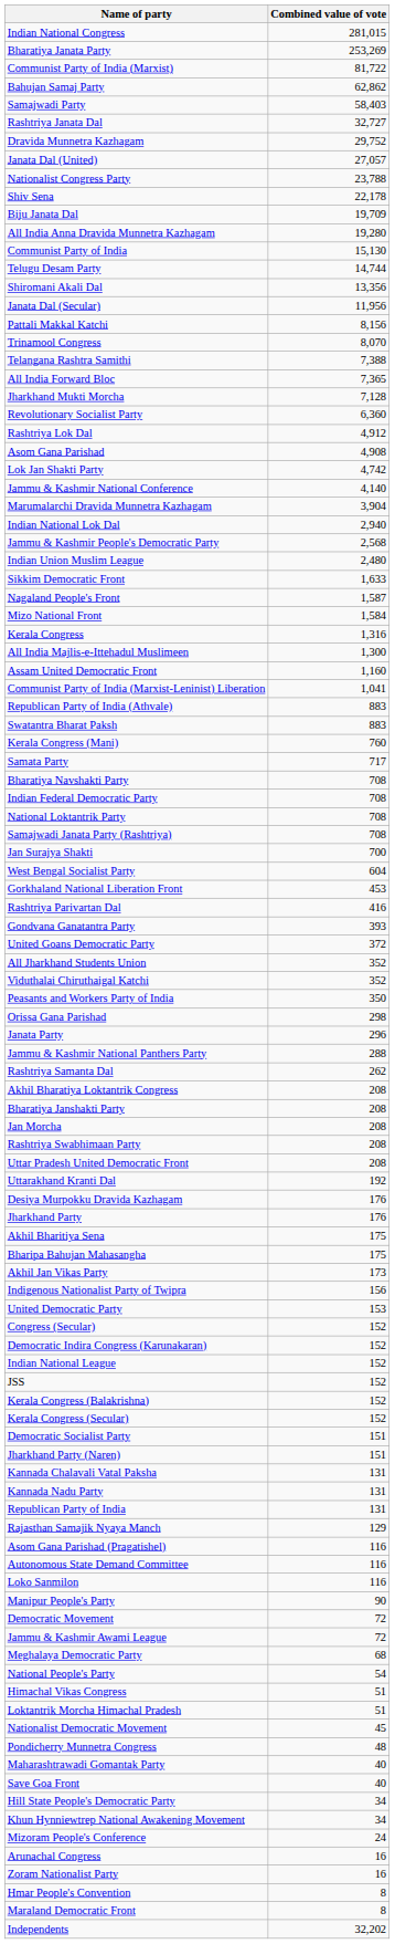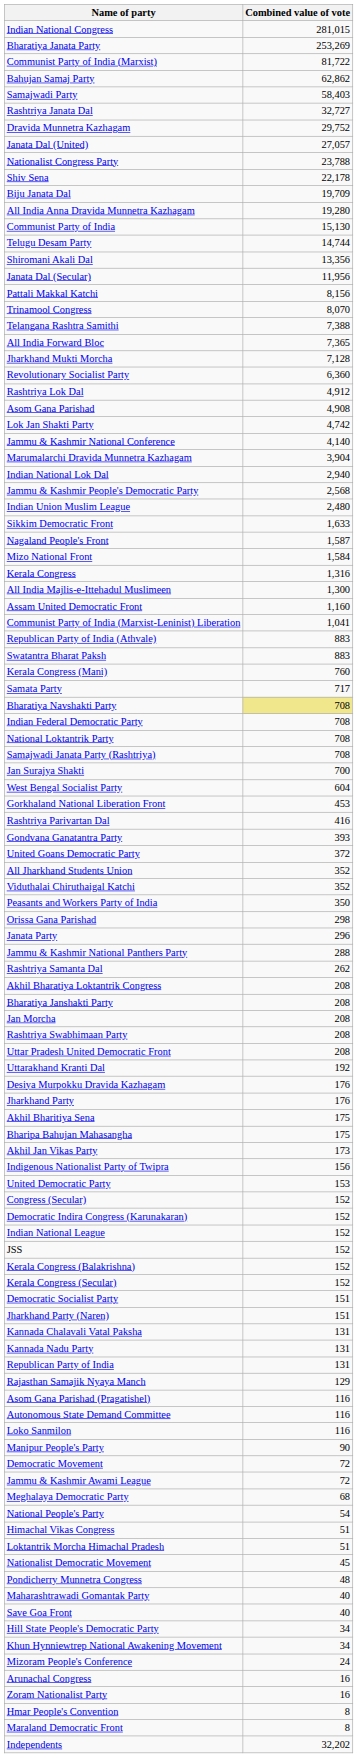 <table class="wikitable sortable" style="text-align:right; width:150;">
 <tr>
 <th>Name of party</th>
 <th>Combined value of vote</th>
 </tr>
 <tr>
 <td align="left"><a href='#'>Indian National Congress</a></td>
 <td>281,015</td>
 </tr>
 <tr>
 <td align="left"><a href='#'>Bharatiya Janata Party</a></td>
 <td>253,269</td>
 </tr>
 <tr>
 <td align="left"><a href='#'>Communist Party of India (Marxist)</a></td>
 <td>81,722</td>
 </tr>
 <tr>
 <td align="left"><a href='#'>Bahujan Samaj Party</a></td>
 <td>62,862</td>
 </tr>
 <tr>
 <td align="left"><a href='#'>Samajwadi Party</a></td>
 <td>58,403</td>
 </tr>
 <tr>
 <td align="left"><a href='#'>Rashtriya Janata Dal</a></td>
 <td>32,727</td>
 </tr>
 <tr>
 <td align="left"><a href='#'>Dravida Munnetra Kazhagam</a></td>
 <td>29,752</td>
 </tr>
 <tr>
 <td align="left"><a href='#'>Janata Dal (United)</a></td>
 <td>27,057</td>
 </tr>
 <tr>
 <td align="left"><a href='#'>Nationalist Congress Party</a></td>
 <td>23,788</td>
 </tr>
 <tr>
 <td align="left"><a href='#'>Shiv Sena</a></td>
 <td>22,178</td>
 </tr>
 <tr>
 <td align="left"><a href='#'>Biju Janata Dal</a></td>
 <td>19,709</td>
 </tr>
 <tr>
 <td align="left"><a href='#'>All India Anna Dravida Munnetra Kazhagam</a></td>
 <td>19,280</td>
 </tr>
 <tr>
 <td align="left"><a href='#'>Communist Party of India</a></td>
 <td>15,130</td>
 </tr>
 <tr>
 <td align="left"><a href='#'>Telugu Desam Party</a></td>
 <td>14,744</td>
 </tr>
 <tr>
 <td align="left"><a href='#'>Shiromani Akali Dal</a></td>
 <td>13,356</td>
 </tr>
 <tr>
 <td align="left"><a href='#'>Janata Dal (Secular)</a></td>
 <td>11,956</td>
 </tr>
 <tr>
 <td align="left"><a href='#'>Pattali Makkal Katchi</a></td>
 <td>8,156</td>
 </tr>
 <tr>
 <td align="left"><a href='#'>Trinamool Congress</a></td>
 <td>8,070</td>
 </tr>
 <tr>
 <td align="left"><a href='#'>Telangana Rashtra Samithi</a></td>
 <td>7,388</td>
 </tr>
 <tr>
 <td align="left"><a href='#'>All India Forward Bloc</a></td>
 <td>7,365</td>
 </tr>
 <tr>
 <td align="left"><a href='#'>Jharkhand Mukti Morcha</a></td>
 <td>7,128</td>
 </tr>
 <tr>
 <td align="left"><a href='#'>Revolutionary Socialist Party</a></td>
 <td>6,360</td>
 </tr>
 <tr>
 <td align="left"><a href='#'>Rashtriya Lok Dal</a></td>
 <td>4,912</td>
 </tr>
 <tr>
 <td align="left"><a href='#'>Asom Gana Parishad</a></td>
 <td>4,908</td>
 </tr>
 <tr>
 <td align="left"><a href='#'>Lok Jan Shakti Party</a></td>
 <td>4,742</td>
 </tr>
 <tr>
 <td align="left"><a href='#'>Jammu & Kashmir National Conference</a></td>
 <td>4,140</td>
 </tr>
 <tr>
 <td align="left"><a href='#'>Marumalarchi Dravida Munnetra Kazhagam</a></td>
 <td>3,904</td>
 </tr>
 <tr>
 <td align="left"><a href='#'>Indian National Lok Dal</a></td>
 <td>2,940</td>
 </tr>
 <tr>
 <td align="left"><a href='#'>Jammu & Kashmir People's Democratic Party</a></td>
 <td>2,568</td>
 </tr>
 <tr>
 <td align="left"><a href='#'>Indian Union Muslim League</a></td>
 <td>2,480</td>
 </tr>
 <tr>
 <td align="left"><a href='#'>Sikkim Democratic Front</a></td>
 <td>1,633</td>
 </tr>
 <tr>
 <td align="left"><a href='#'>Nagaland People's Front</a></td>
 <td>1,587</td>
 </tr>
 <tr>
 <td align="left"><a href='#'>Mizo National Front</a></td>
 <td>1,584</td>
 </tr>
 <tr>
 <td align="left"><a href='#'>Kerala Congress</a></td>
 <td>1,316</td>
 </tr>
 <tr>
 <td align="left"><a href='#'>All India Majlis-e-Ittehadul Muslimeen</a></td>
 <td>1,300</td>
 </tr>
 <tr>
 <td align="left"><a href='#'>Assam United Democratic Front</a></td>
 <td>1,160</td>
 </tr>
 <tr>
 <td align="left"><a href='#'>Communist Party of India (Marxist-Leninist) Liberation</a></td>
 <td>1,041</td>
 </tr>
 <tr>
 <td align="left"><a href='#'>Republican Party of India (Athvale)</a></td>
 <td>883</td>
 </tr>
 <tr>
 <td align="left"><a href='#'>Swatantra Bharat Paksh</a></td>
 <td>883</td>
 </tr>
 <tr>
 <td align="left"><a href='#'>Kerala Congress (Mani)</a></td>
 <td>760</td>
 </tr>
 <tr>
 <td align="left"><a href='#'>Samata Party</a></td>
 <td>717</td>
 </tr>
 <tr>
 <td align="left"><a href='#'>Bharatiya Navshakti Party</a></td>
-<td>708</td>
+<td style="background: khaki;">708</td>
 </tr>
 <tr>
 <td align="left"><a href='#'>Indian Federal Democratic Party</a></td>
 <td>708</td>
 </tr>
 <tr>
 <td align="left"><a href='#'>National Loktantrik Party</a></td>
 <td>708</td>
 </tr>
 <tr>
 <td align="left"><a href='#'>Samajwadi Janata Party (Rashtriya)</a></td>
 <td>708</td>
 </tr>
 <tr>
 <td align="left"><a href='#'>Jan Surajya Shakti</a></td>
 <td>700</td>
 </tr>
 <tr>
 <td align="left"><a href='#'>West Bengal Socialist Party</a></td>
 <td>604</td>
 </tr>
 <tr>
 <td align="left"><a href='#'>Gorkhaland National Liberation Front</a></td>
 <td>453</td>
 </tr>
 <tr>
 <td align="left"><a href='#'>Rashtriya Parivartan Dal</a></td>
 <td>416</td>
 </tr>
 <tr>
 <td align="left"><a href='#'>Gondvana Ganatantra Party</a></td>
 <td>393</td>
 </tr>
 <tr>
 <td align="left"><a href='#'>United Goans Democratic Party</a></td>
 <td>372</td>
 </tr>
 <tr>
 <td align="left"><a href='#'>All Jharkhand Students Union</a></td>
 <td>352</td>
 </tr>
 <tr>
 <td align="left"><a href='#'>Viduthalai Chiruthaigal Katchi</a></td>
 <td>352</td>
 </tr>
 <tr>
 <td align="left"><a href='#'>Peasants and Workers Party of India</a></td>
 <td>350</td>
 </tr>
 <tr>
 <td align="left"><a href='#'>Orissa Gana Parishad</a></td>
 <td>298</td>
 </tr>
 <tr>
 <td align="left"><a href='#'>Janata Party</a></td>
 <td>296</td>
 </tr>
 <tr>
 <td align="left"><a href='#'>Jammu & Kashmir National Panthers Party</a></td>
 <td>288</td>
 </tr>
 <tr>
 <td align="left"><a href='#'>Rashtriya Samanta Dal</a></td>
 <td>262</td>
 </tr>
 <tr>
 <td align="left"><a href='#'>Akhil Bharatiya Loktantrik Congress</a></td>
 <td>208</td>
 </tr>
 <tr>
 <td align="left"><a href='#'>Bharatiya Janshakti Party</a></td>
 <td>208</td>
 </tr>
 <tr>
 <td align="left"><a href='#'>Jan Morcha</a></td>
 <td>208</td>
 </tr>
 <tr>
 <td align="left"><a href='#'>Rashtriya Swabhimaan Party</a></td>
 <td>208</td>
 </tr>
 <tr>
 <td align="left"><a href='#'>Uttar Pradesh United Democratic Front</a></td>
 <td>208</td>
 </tr>
 <tr>
 <td align="left"><a href='#'>Uttarakhand Kranti Dal</a></td>
 <td>192</td>
 </tr>
 <tr>
 <td align="left"><a href='#'>Desiya Murpokku Dravida Kazhagam</a></td>
 <td>176</td>
 </tr>
 <tr>
 <td align="left"><a href='#'>Jharkhand Party</a></td>
 <td>176</td>
 </tr>
 <tr>
 <td align="left"><a href='#'>Akhil Bharitiya Sena</a></td>
 <td>175</td>
 </tr>
 <tr>
 <td align="left"><a href='#'>Bharipa Bahujan Mahasangha</a></td>
 <td>175</td>
 </tr>
 <tr>
 <td align="left"><a href='#'>Akhil Jan Vikas Party</a></td>
 <td>173</td>
 </tr>
 <tr>
 <td align="left"><a href='#'>Indigenous Nationalist Party of Twipra</a></td>
 <td>156</td>
 </tr>
 <tr>
 <td align="left"><a href='#'>United Democratic Party</a></td>
 <td>153</td>
 </tr>
 <tr>
 <td align="left"><a href='#'>Congress (Secular)</a></td>
 <td>152</td>
 </tr>
 <tr>
 <td align="left"><a href='#'>Democratic Indira Congress (Karunakaran)</a></td>
 <td>152</td>
 </tr>
 <tr>
 <td align="left"><a href='#'>Indian National League</a></td>
 <td>152</td>
 </tr>
 <tr>
 <td align="left">JSS</td>
 <td>152</td>
 </tr>
 <tr>
 <td align="left"><a href='#'>Kerala Congress (Balakrishna)</a></td>
 <td>152</td>
 </tr>
 <tr>
 <td align="left"><a href='#'>Kerala Congress (Secular)</a></td>
 <td>152</td>
 </tr>
 <tr>
 <td align="left"><a href='#'>Democratic Socialist Party</a></td>
 <td>151</td>
 </tr>
 <tr>
 <td align="left"><a href='#'>Jharkhand Party (Naren)</a></td>
 <td>151</td>
 </tr>
 <tr>
 <td align="left"><a href='#'>Kannada Chalavali Vatal Paksha</a></td>
 <td>131</td>
 </tr>
 <tr>
 <td align="left"><a href='#'>Kannada Nadu Party</a></td>
 <td>131</td>
 </tr>
 <tr>
 <td align="left"><a href='#'>Republican Party of India</a></td>
 <td>131</td>
 </tr>
 <tr>
 <td align="left"><a href='#'>Rajasthan Samajik Nyaya Manch</a></td>
 <td>129</td>
 </tr>
 <tr>
 <td align="left"><a href='#'>Asom Gana Parishad (Pragatishel)</a></td>
 <td>116</td>
 </tr>
 <tr>
 <td align="left"><a href='#'>Autonomous State Demand Committee</a></td>
 <td>116</td>
 </tr>
 <tr>
 <td align="left"><a href='#'>Loko Sanmilon</a></td>
 <td>116</td>
 </tr>
 <tr>
 <td align="left"><a href='#'>Manipur People's Party</a></td>
 <td>90</td>
 </tr>
 <tr>
 <td align="left"><a href='#'>Democratic Movement</a></td>
 <td>72</td>
 </tr>
 <tr>
 <td align="left"><a href='#'>Jammu & Kashmir Awami League</a></td>
 <td>72</td>
 </tr>
 <tr>
 <td align="left"><a href='#'>Meghalaya Democratic Party</a></td>
 <td>68</td>
 </tr>
 <tr>
 <td align="left"><a href='#'>National People's Party</a></td>
 <td>54</td>
 </tr>
 <tr>
 <td align="left"><a href='#'>Himachal Vikas Congress</a></td>
 <td>51</td>
 </tr>
 <tr>
 <td align="left"><a href='#'>Loktantrik Morcha Himachal Pradesh</a></td>
 <td>51</td>
 </tr>
 <tr>
 <td align="left"><a href='#'>Nationalist Democratic Movement</a></td>
 <td>45</td>
 </tr>
 <tr>
 <td align="left"><a href='#'>Pondicherry Munnetra Congress</a></td>
 <td>48</td>
 </tr>
 <tr>
 <td align="left"><a href='#'>Maharashtrawadi Gomantak Party</a></td>
 <td>40</td>
 </tr>
 <tr>
 <td align="left"><a href='#'>Save Goa Front</a></td>
 <td>40</td>
 </tr>
 <tr>
 <td align="left"><a href='#'>Hill State People's Democratic Party</a></td>
 <td>34</td>
 </tr>
 <tr>
 <td align="left"><a href='#'>Khun Hynniewtrep National Awakening Movement</a></td>
 <td>34</td>
 </tr>
 <tr>
 <td align="left"><a href='#'>Mizoram People's Conference</a></td>
 <td>24</td>
 </tr>
 <tr>
 <td align="left"><a href='#'>Arunachal Congress</a></td>
 <td>16</td>
 </tr>
 <tr>
 <td align="left"><a href='#'>Zoram Nationalist Party</a></td>
 <td>16</td>
 </tr>
 <tr>
 <td align="left"><a href='#'>Hmar People's Convention</a></td>
 <td>8</td>
 </tr>
 <tr>
 <td align="left"><a href='#'>Maraland Democratic Front</a></td>
 <td>8</td>
 </tr>
 <tr>
 <td align="left"><a href='#'>Independents</a></td>
 <td>32,202</td>
 </tr>
 </table>
